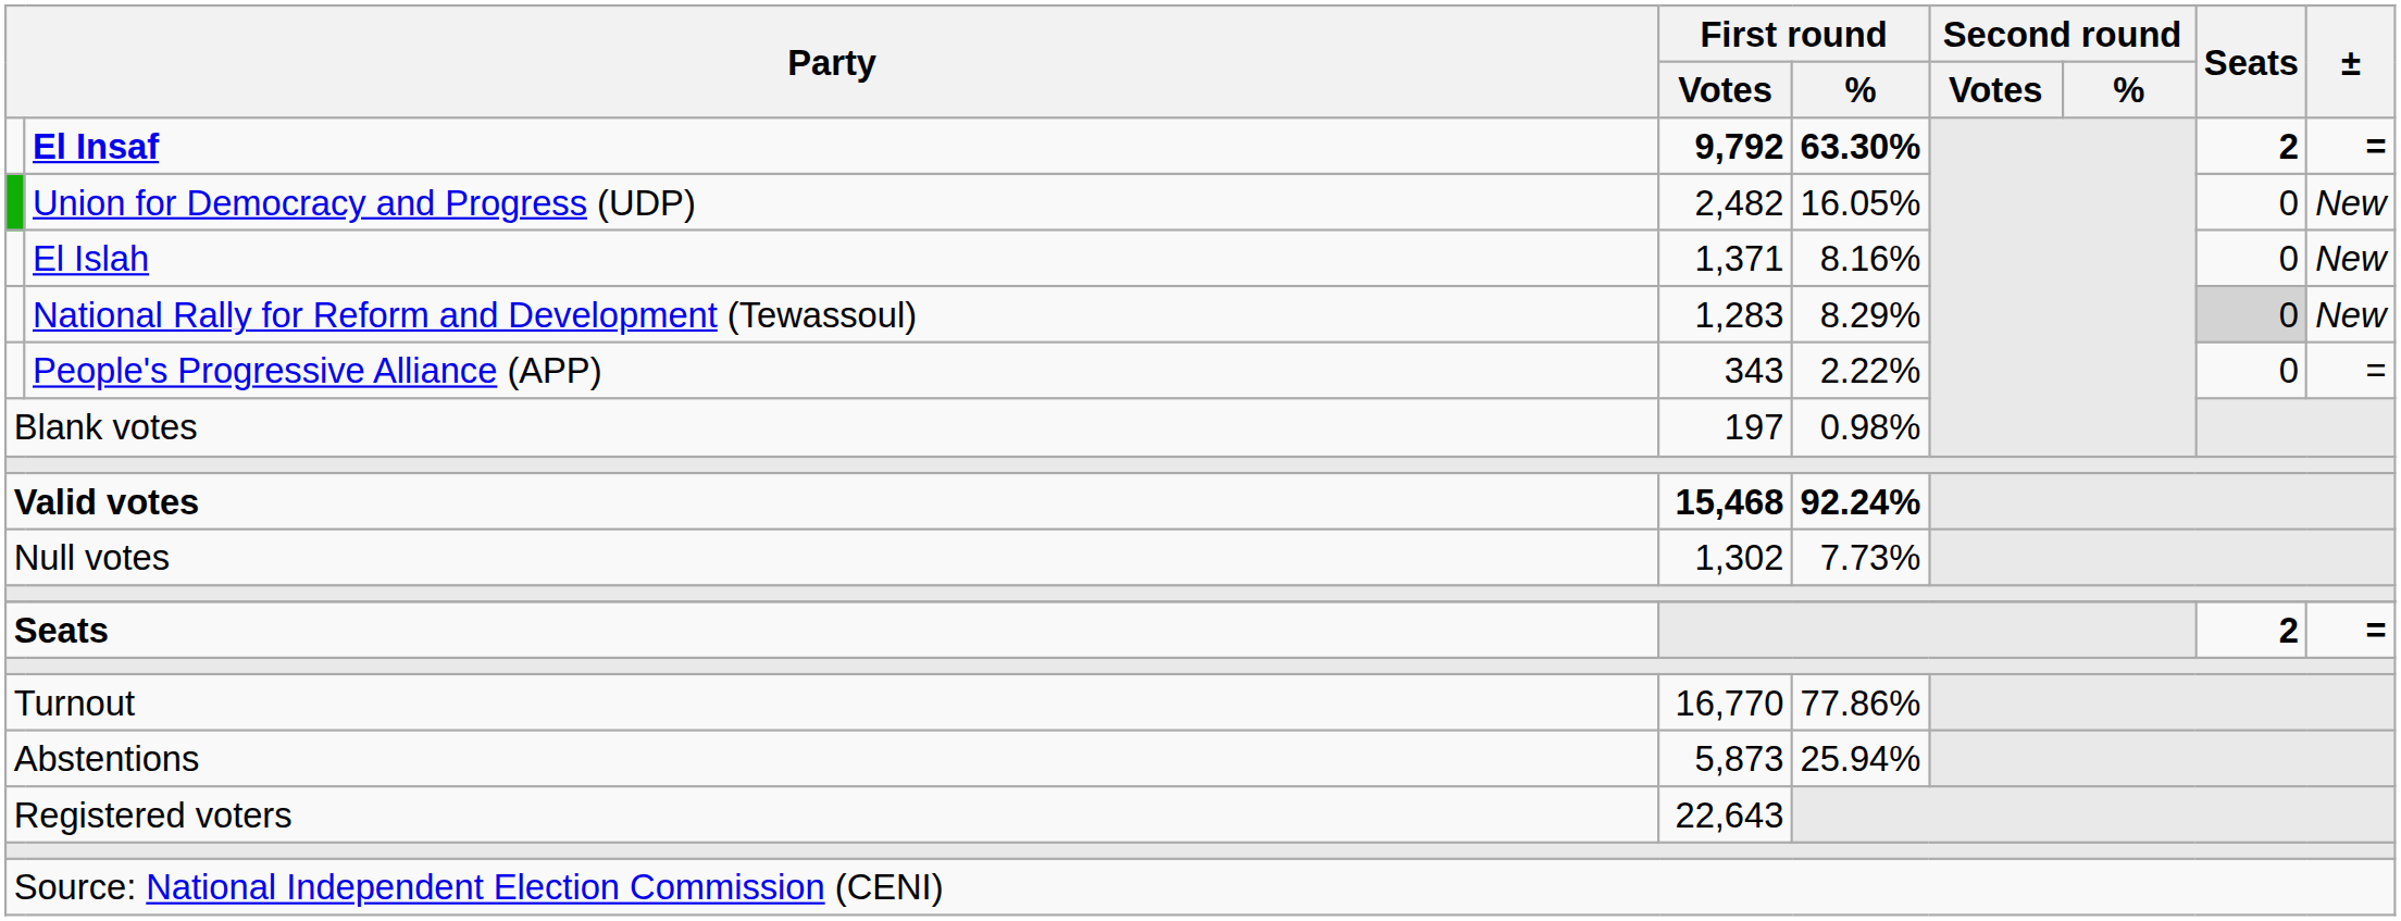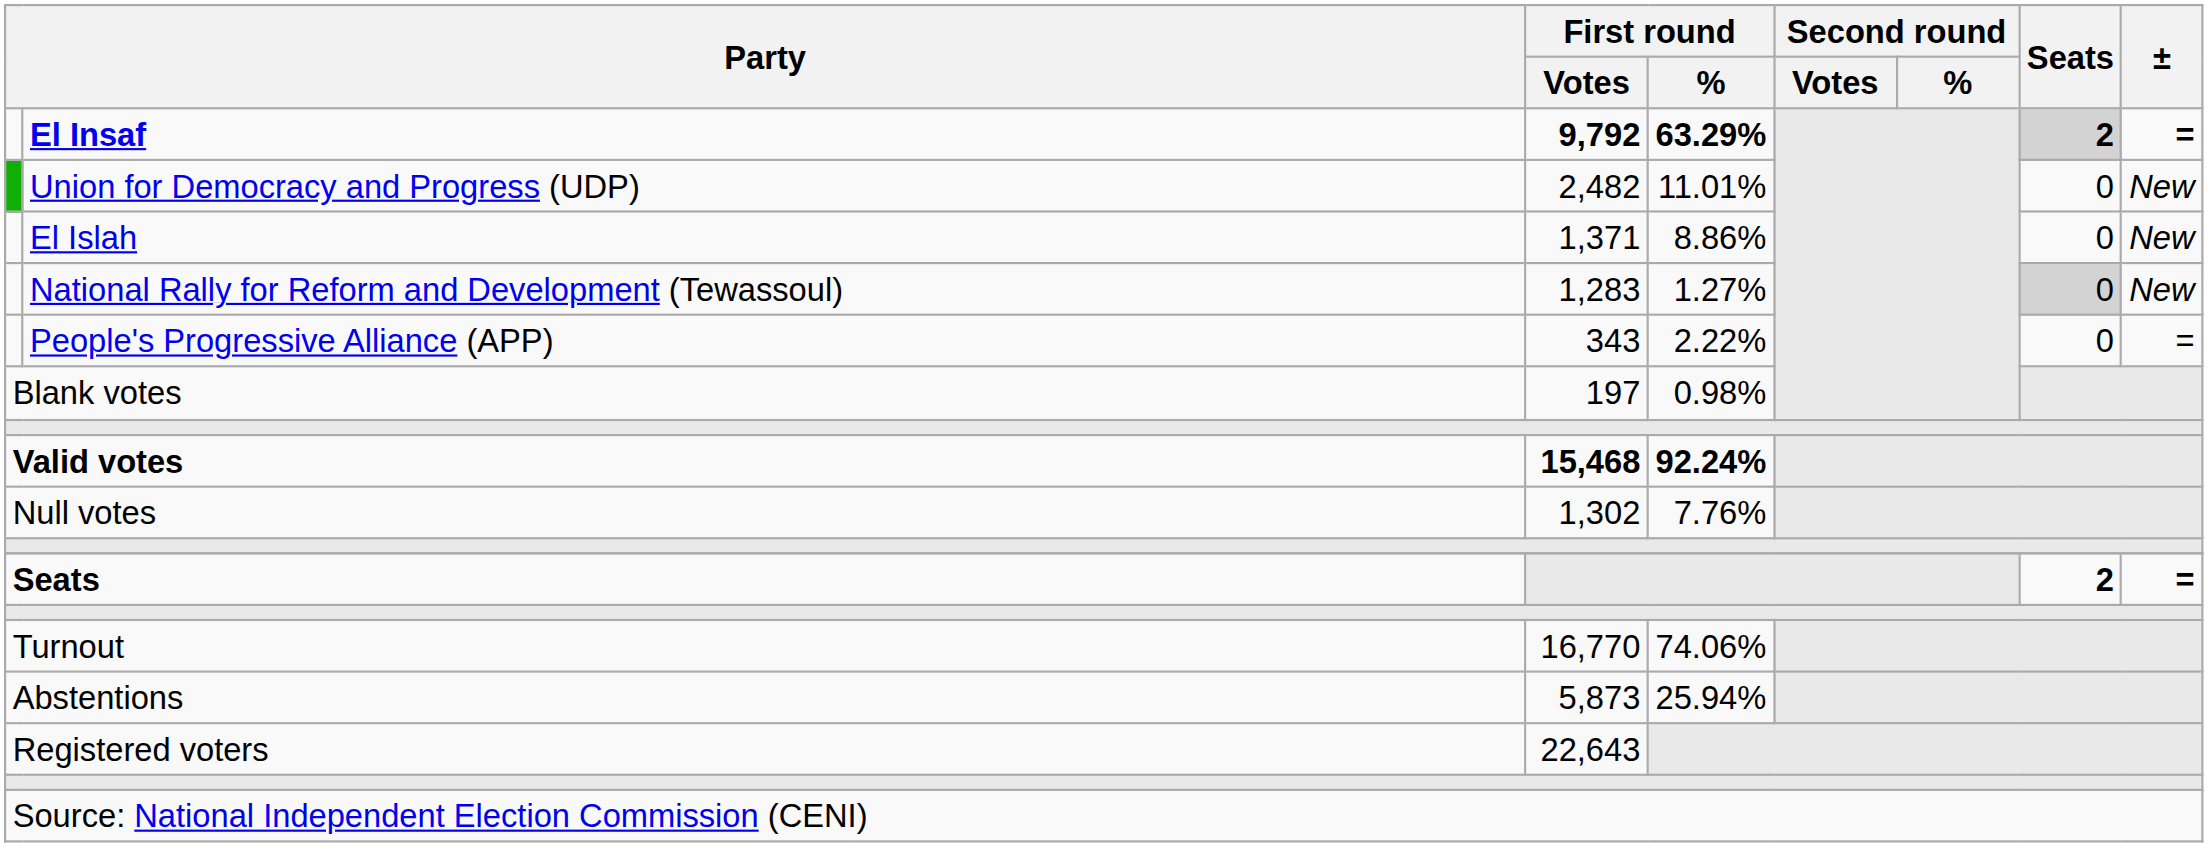 <table class="wikitable" style="text-align:right;font-size:95%;">
 <tr>
 <th rowspan="2" colspan="2" width="700">Party</th>
 <th colspan="2">First round</th>
 <th colspan="2">Second round</th>
 <th rowspan="2" width="25">Seats</th>
 <th rowspan="2" width="20">±</th>
 </tr>
 <tr>
 <th width="50">Votes</th>
 <th width="50">%</th>
 <th width="50">Votes</th>
 <th width="50">%</th>
 </tr>
 <tr>
 <td width="1" style="color:inherit;background:"></td>
 <td style="text-align:left;"><strong><a href='#'>El Insaf</a></strong></td>
 <td><strong>9,792</strong></td>
-<td><strong>63.30%</strong></td>
+<td><strong>63.29%</strong></td>
 <td colspan="2" rowspan="6" style="background:#E9E9E9;"></td>
-<td><strong>2</strong></td>
+<td style="background: lightgrey;"><strong>2</strong></td>
 <td><strong>=</strong></td>
 </tr>
 <tr>
 <td width="1" style="color:inherit;background:#0FAF05;"></td>
 <td style="text-align:left;"><a href='#'>Union for Democracy and Progress</a> (UDP)</td>
 <td>2,482</td>
-<td>16.05%</td>
+<td>11.01%</td>
 <td>0</td>
 <td><em>New</em></td>
 </tr>
 <tr>
 <td width="1" style="color:inherit;background:"></td>
 <td style="text-align:left;"><a href='#'>El Islah</a></td>
 <td>1,371</td>
-<td>8.16%</td>
+<td>8.86%</td>
 <td>0</td>
 <td><em>New</em></td>
 </tr>
 <tr>
 <td width="1" style="color:inherit;background:"></td>
 <td style="text-align:left;"><a href='#'>National Rally for Reform and Development</a> (Tewassoul)</td>
 <td>1,283</td>
-<td>8.29%</td>
+<td>1.27%</td>
 <td style="background: lightgrey;">0</td>
 <td><em>New</em></td>
 </tr>
 <tr>
 <td width="1" style="color:inherit;background:"></td>
 <td style="text-align:left;"><a href='#'>People's Progressive Alliance</a> (APP)</td>
 <td>343</td>
 <td>2.22%</td>
 <td>0</td>
 <td>=</td>
 </tr>
 <tr>
 <td colspan="2" style="text-align:left;">Blank votes</td>
 <td>197</td>
 <td>0.98%</td>
 <td colspan="4" style="background:#E9E9E9;"></td>
 </tr>
 <tr>
 <td colspan="8" style="background:#E9E9E9;"></td>
 </tr>
 <tr style="font-weight:bold;">
 <td colspan="2" style="text-align:left;">Valid votes</td>
 <td>15,468</td>
 <td>92.24%</td>
 <td colspan="4" style="background:#E9E9E9;"></td>
 </tr>
 <tr>
 <td colspan="2" style="text-align:left;">Null votes</td>
 <td>1,302</td>
-<td>7.73%</td>
+<td>7.76%</td>
 <td colspan="4" style="background:#E9E9E9;"></td>
 </tr>
 <tr>
 <td colspan="8" style="background:#E9E9E9;"></td>
 </tr>
 <tr>
 </tr>
 <tr style="font-weight:bold;">
 <td colspan="2" style="text-align:left;">Seats</td>
 <td colspan="4" style="background:#E9E9E9;"></td>
 <td>2</td>
 <td>=</td>
 </tr>
 <tr>
 <td colspan="8" style="background:#E9E9E9;"></td>
 </tr>
 <tr>
 <td colspan="2" style="text-align:left;">Turnout</td>
 <td>16,770</td>
-<td>77.86%</td>
+<td>74.06%</td>
 <td colspan="4" style="background:#E9E9E9;"></td>
 </tr>
 <tr>
 <td colspan="2" style="text-align:left;">Abstentions</td>
 <td>5,873</td>
 <td>25.94%</td>
 <td colspan="4" style="background:#E9E9E9;"></td>
 </tr>
 <tr>
 <td colspan="2" style="text-align:left;">Registered voters</td>
 <td>22,643</td>
 <td colspan="5" style="background:#E9E9E9;"></td>
 </tr>
 <tr>
 <td colspan="8" style="background:#E9E9E9;"></td>
 </tr>
 <tr>
 <td colspan="8" style="text-align:left;">Source: <a href='#'>National Independent Election Commission</a> (CENI)</td>
 </tr>
 </table>
